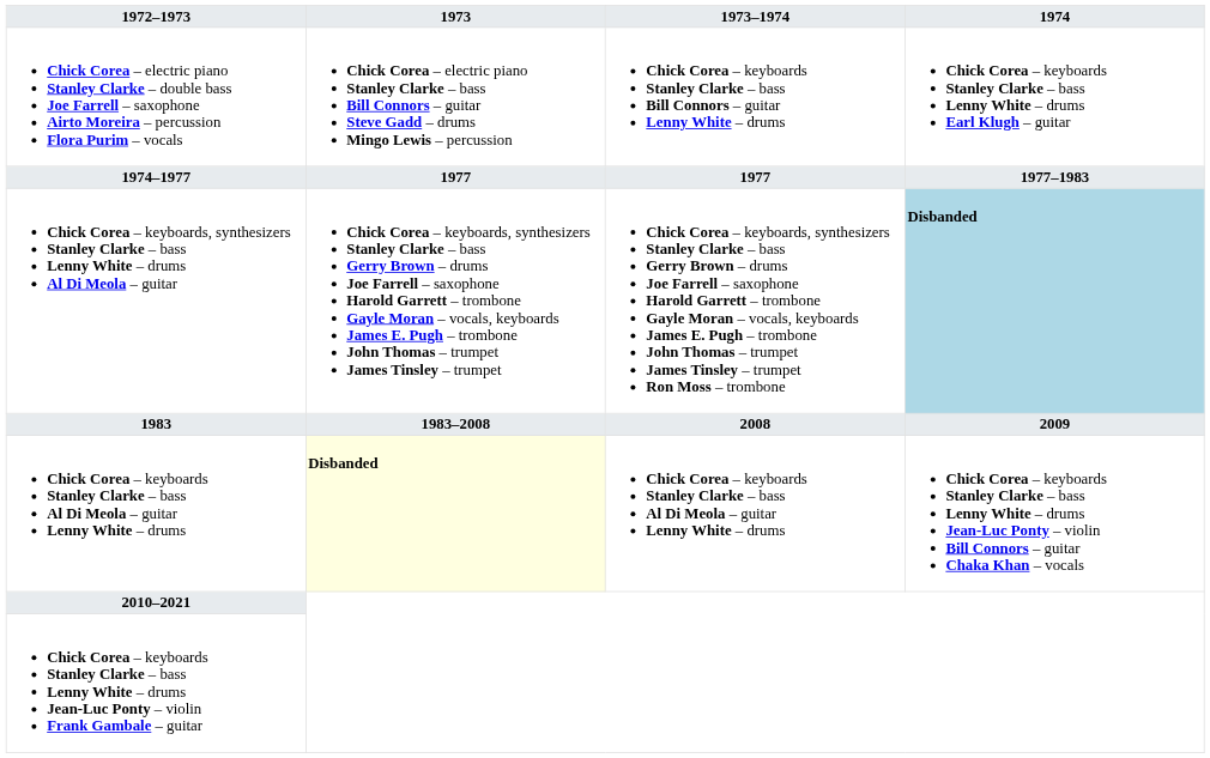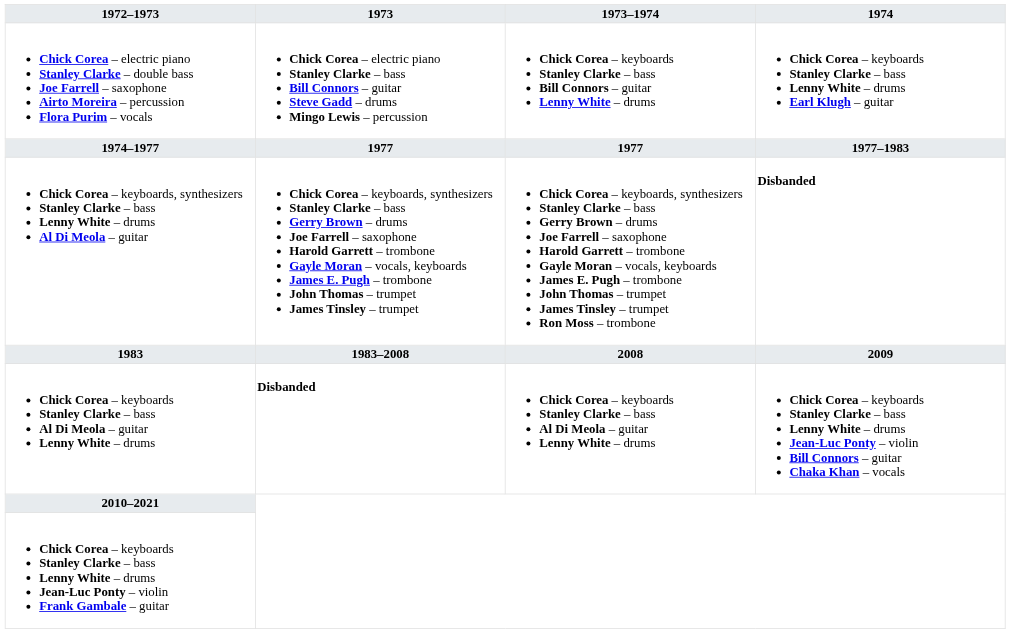 <table class="toccolours" border="1" cellpadding="2" cellspacing="0"  style="float:width:375px; margin:0 0 1em 1em; border-collapse:collapse; border:1px solid #e2e2e2; width:99%;">
 <tr>
 <th style="vertical-align:top; background:#e7ebee; width:25%;">1972–1973</th>
 <th style="vertical-align:top; background:#e7ebee; width:25%;">1973</th>
 <th style="vertical-align:top; background:#e7ebee; width:25%;">1973–1974</th>
 <th style="vertical-align:top; background:#e7ebee; width:25%;">1974</th>
 </tr>
 <tr>
 <td valign=top><br><ul><li><strong><a href='#'>Chick Corea</a></strong> – electric piano</li><li><strong><a href='#'>Stanley Clarke</a></strong> – double bass</li><li><strong><a href='#'>Joe Farrell</a></strong> – saxophone</li><li><strong><a href='#'>Airto Moreira</a></strong> – percussion</li><li><strong><a href='#'>Flora Purim</a></strong> – vocals</li></ul></td>
 <td valign=top><br><ul><li><strong>Chick Corea</strong> – electric piano</li><li><strong>Stanley Clarke</strong> – bass</li><li><strong><a href='#'>Bill Connors</a></strong> – guitar</li><li><strong><a href='#'>Steve Gadd</a></strong> – drums</li><li><strong>Mingo Lewis</strong> – percussion</li></ul></td>
 <td valign=top><br><ul><li><strong>Chick Corea</strong> – keyboards</li><li><strong>Stanley Clarke</strong> – bass</li><li><strong>Bill Connors</strong> – guitar</li><li><strong><a href='#'>Lenny White</a></strong> – drums</li></ul></td>
 <td valign=top><br><ul><li><strong>Chick Corea</strong> – keyboards</li><li><strong>Stanley Clarke</strong> – bass</li><li><strong>Lenny White</strong> – drums</li><li><strong><a href='#'>Earl Klugh</a></strong> – guitar</li></ul></td>
 </tr>
 <tr>
 <th style="vertical-align:top; background:#e7ebee; width:25%;">1974–1977</th>
 <th style="vertical-align:top; background:#e7ebee; width:25%;">1977</th>
 <th style="vertical-align:top; background:#e7ebee; width:25%;">1977</th>
 <th style="vertical-align:top; background:#e7ebee; width:25%;">1977–1983</th>
 </tr>
 <tr>
 <td valign=top><br><ul><li><strong>Chick Corea</strong> – keyboards, synthesizers</li><li><strong>Stanley Clarke</strong> – bass</li><li><strong>Lenny White</strong> – drums</li><li><strong><a href='#'>Al Di Meola</a></strong> – guitar</li></ul></td>
 <td valign=top><br><ul><li><strong>Chick Corea</strong> – keyboards, synthesizers</li><li><strong>Stanley Clarke</strong> – bass</li><li><strong><a href='#'>Gerry Brown</a></strong> – drums</li><li><strong>Joe Farrell</strong> – saxophone</li><li><strong>Harold Garrett</strong> – trombone</li><li><strong><a href='#'>Gayle Moran</a></strong> – vocals, keyboards</li><li><strong><a href='#'>James E. Pugh</a></strong> – trombone</li><li><strong>John Thomas</strong> – trumpet</li><li><strong>James Tinsley</strong> – trumpet</li></ul></td>
 <td valign=top><br><ul><li><strong>Chick Corea</strong> – keyboards, synthesizers</li><li><strong>Stanley Clarke</strong> – bass</li><li><strong>Gerry Brown</strong> – drums</li><li><strong>Joe Farrell</strong> – saxophone</li><li><strong>Harold Garrett</strong> – trombone</li><li><strong>Gayle Moran</strong> – vocals, keyboards</li><li><strong>James E. Pugh</strong> – trombone</li><li><strong>John Thomas</strong> – trumpet</li><li><strong>James Tinsley</strong> – trumpet</li><li><strong>Ron Moss</strong> – trombone</li></ul></td>
-<td valign=top style="background: lightblue;"><br><strong>Disbanded</strong></td>
+<td valign=top><br><strong>Disbanded</strong></td>
 </tr>
 <tr>
 <th style="vertical-align:top; background:#e7ebee; width:25%;">1983</th>
 <th style="vertical-align:top; background:#e7ebee; width:25%;">1983–2008</th>
 <th style="vertical-align:top; background:#e7ebee; width:25%;">2008</th>
 <th style="vertical-align:top; background:#e7ebee; width:25%;">2009</th>
 </tr>
 <tr>
 <td valign=top><br><ul><li><strong>Chick Corea</strong> – keyboards</li><li><strong>Stanley Clarke</strong> – bass</li><li><strong>Al Di Meola</strong> – guitar</li><li><strong>Lenny White</strong> – drums</li></ul></td>
-<td valign=top style="background: lightyellow;"><br><strong>Disbanded</strong></td>
+<td valign=top><br><strong>Disbanded</strong></td>
 <td valign=top><br><ul><li><strong>Chick Corea</strong> – keyboards</li><li><strong>Stanley Clarke</strong> – bass</li><li><strong>Al Di Meola</strong> – guitar</li><li><strong>Lenny White</strong> – drums</li></ul></td>
 <td valign=top><br><ul><li><strong>Chick Corea</strong> – keyboards</li><li><strong>Stanley Clarke</strong> – bass</li><li><strong>Lenny White</strong> – drums</li><li><strong><a href='#'>Jean-Luc Ponty</a></strong> – violin</li><li><strong><a href='#'>Bill Connors</a></strong> – guitar</li><li><strong><a href='#'>Chaka Khan</a></strong> – vocals</li></ul></td>
 </tr>
 <tr>
 <th style="vertical-align:top; background:#e7ebee; width:25%;">2010–2021</th>
 </tr>
 <tr>
 <td valign=top><br><ul><li><strong>Chick Corea</strong> – keyboards</li><li><strong>Stanley Clarke</strong> – bass</li><li><strong>Lenny White</strong> – drums</li><li><strong>Jean-Luc Ponty</strong> – violin</li><li><strong><a href='#'>Frank Gambale</a></strong> – guitar</li></ul></td>
 </tr>
 </table>
